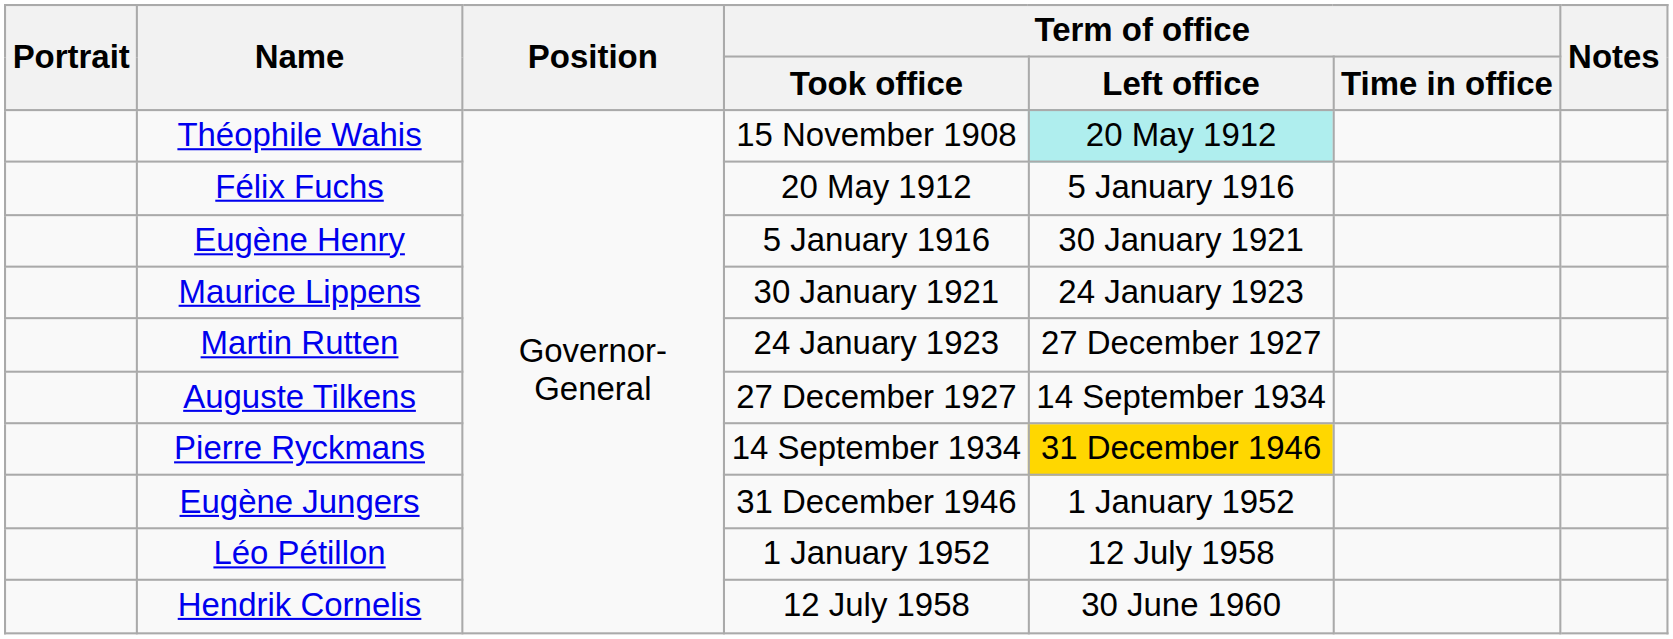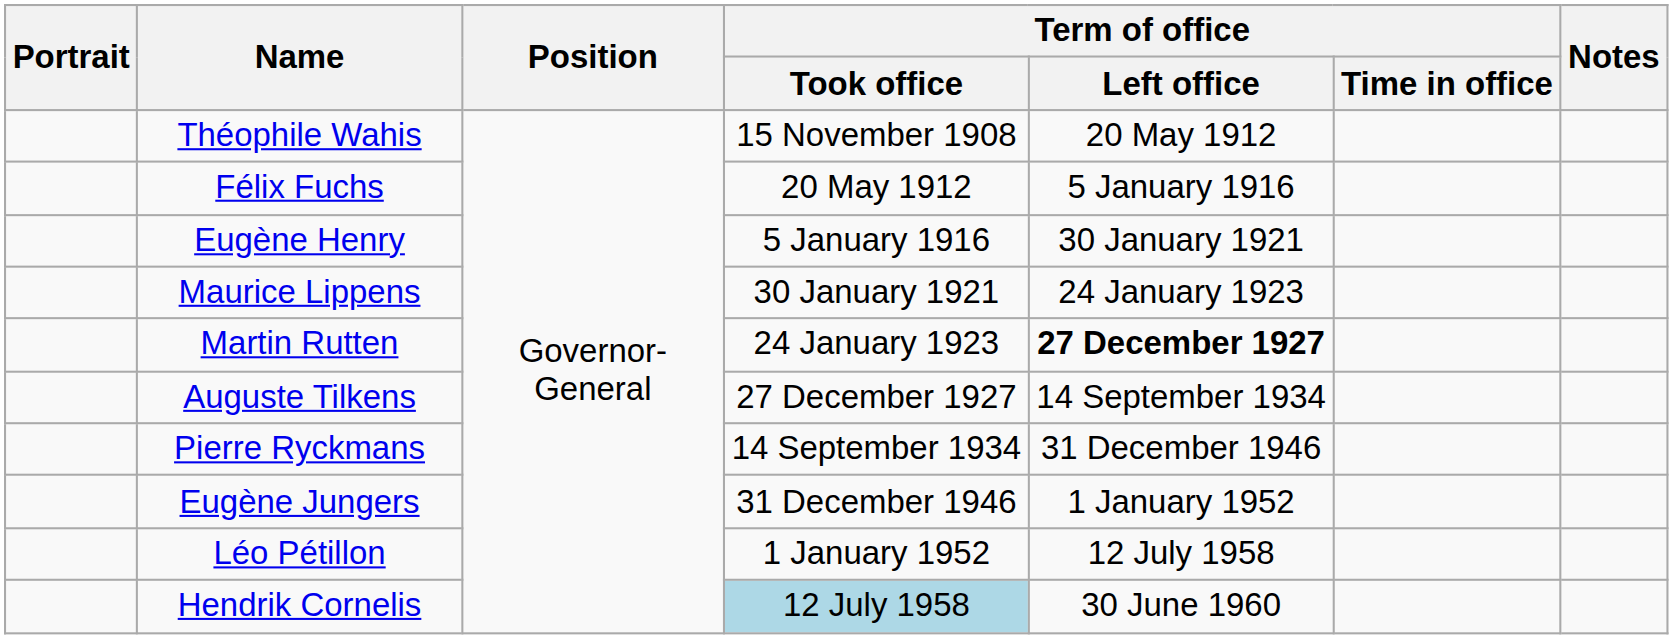 <table class="wikitable" style="text-align:center">
 <tr>
 <th rowspan=2>Portrait</th>
 <th width=150 rowspan=2>Name<br></th>
 <th width=120 rowspan=2>Position</th>
 <th colspan=3>Term of office</th>
 <th rowspan=2>Notes</th>
 </tr>
 <tr>
 <th>Took office</th>
 <th>Left office</th>
 <th>Time in office</th>
 </tr>
 <tr>
 <td></td>
 <td><a href='#'>Théophile Wahis</a><br></td>
 <td rowspan=10>Governor-General</td>
 <td>15 November 1908</td>
-<td style="background: paleturquoise;">20 May 1912</td>
+<td>20 May 1912</td>
 <td></td>
 <td></td>
 </tr>
 <tr>
 <td></td>
 <td><a href='#'>Félix Fuchs</a><br></td>
 <td>20 May 1912</td>
 <td>5 January 1916</td>
 <td></td>
 <td></td>
 </tr>
 <tr>
 <td></td>
 <td><a href='#'>Eugène Henry</a><br></td>
 <td>5 January 1916</td>
 <td>30 January 1921</td>
 <td></td>
 <td></td>
 </tr>
 <tr>
 <td></td>
 <td><a href='#'>Maurice Lippens</a><br></td>
 <td>30 January 1921</td>
 <td>24 January 1923</td>
 <td></td>
 <td></td>
 </tr>
 <tr>
 <td></td>
 <td><a href='#'>Martin Rutten</a><br></td>
 <td>24 January 1923</td>
-<td>27 December 1927</td>
+<td><strong>27 December 1927</strong></td>
 <td></td>
 <td></td>
 </tr>
 <tr>
 <td></td>
 <td><a href='#'>Auguste Tilkens</a><br></td>
 <td>27 December 1927</td>
 <td>14 September 1934</td>
 <td></td>
 <td></td>
 </tr>
 <tr>
 <td></td>
 <td><a href='#'>Pierre Ryckmans</a><br></td>
 <td>14 September 1934</td>
-<td style="background: gold;">31 December 1946</td>
+<td>31 December 1946</td>
 <td></td>
 <td></td>
 </tr>
 <tr>
 <td></td>
 <td><a href='#'>Eugène Jungers</a><br></td>
 <td>31 December 1946</td>
 <td>1 January 1952</td>
 <td></td>
 <td></td>
 </tr>
 <tr>
 <td></td>
 <td><a href='#'>Léo Pétillon</a><br></td>
 <td>1 January 1952</td>
 <td>12 July 1958</td>
 <td></td>
 <td></td>
 </tr>
 <tr>
 <td></td>
 <td><a href='#'>Hendrik Cornelis</a><br></td>
-<td>12 July 1958</td>
+<td style="background: lightblue;">12 July 1958</td>
 <td>30 June 1960</td>
 <td></td>
 <td></td>
 </tr>
 </table>
